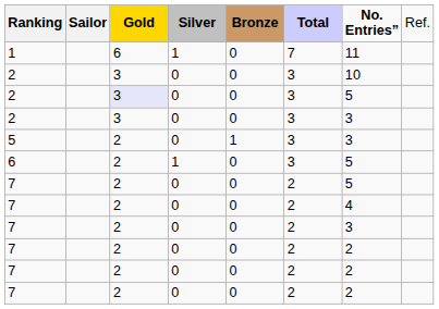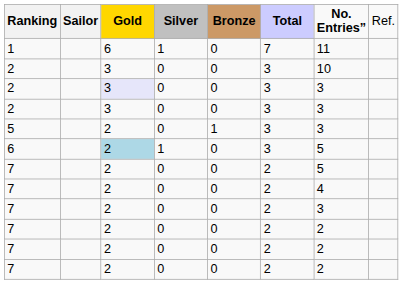 <table class="wikitable sortable">
 <tr>
 <th align=center><strong>Ranking</strong></th>
 <th align=center><strong>Sailor</strong></th>
 <td style="background:gold; width:60px; text-align:center;"><strong>Gold</strong></td>
 <td style="background:silver; width:60px; text-align:center;"><strong>Silver</strong></td>
 <td style="background:#c96; width:60px; text-align:center;"><strong>Bronze</strong></td>
 <td style="background:#ccf; width:60px; text-align:center;"><strong>Total</strong></td>
 <td style="width:60px; text-align:center;"><strong>No. Entries”</strong></td>
 <td>Ref.</td>
 </tr>
 <tr>
 <td>1</td>
 <td></td>
 <td>6</td>
 <td>1</td>
 <td>0</td>
 <td>7</td>
 <td>11</td>
 <td></td>
 </tr>
 <tr>
 <td>2</td>
 <td></td>
 <td>3</td>
 <td>0</td>
 <td>0</td>
 <td>3</td>
 <td>10</td>
 <td></td>
 </tr>
 <tr>
 <td>2</td>
 <td></td>
 <td style="background: lavender;">3</td>
 <td>0</td>
 <td>0</td>
 <td>3</td>
-<td>5</td>
+<td>3</td>
 <td></td>
 </tr>
 <tr>
 <td>2</td>
 <td></td>
 <td>3</td>
 <td>0</td>
 <td>0</td>
 <td>3</td>
 <td>3</td>
 <td></td>
 </tr>
 <tr>
 <td>5</td>
 <td></td>
 <td>2</td>
 <td>0</td>
 <td>1</td>
 <td>3</td>
 <td>3</td>
 <td></td>
 </tr>
 <tr>
 <td>6</td>
 <td></td>
-<td>2</td>
+<td style="background: lightblue;">2</td>
 <td>1</td>
 <td>0</td>
 <td>3</td>
 <td>5</td>
 <td></td>
 </tr>
 <tr>
 <td>7</td>
 <td></td>
 <td>2</td>
 <td>0</td>
 <td>0</td>
 <td>2</td>
 <td>5</td>
 <td></td>
 </tr>
 <tr>
 <td>7</td>
 <td></td>
 <td>2</td>
 <td>0</td>
 <td>0</td>
 <td>2</td>
 <td>4</td>
 <td></td>
 </tr>
 <tr>
 <td>7</td>
 <td></td>
 <td>2</td>
 <td>0</td>
 <td>0</td>
 <td>2</td>
 <td>3</td>
 <td></td>
 </tr>
 <tr>
 <td>7</td>
 <td></td>
 <td>2</td>
 <td>0</td>
 <td>0</td>
 <td>2</td>
 <td>2</td>
 <td></td>
 </tr>
 <tr>
 <td>7</td>
 <td></td>
 <td>2</td>
 <td>0</td>
 <td>0</td>
 <td>2</td>
 <td>2</td>
 <td></td>
 </tr>
 <tr>
 <td>7</td>
 <td></td>
 <td>2</td>
 <td>0</td>
 <td>0</td>
 <td>2</td>
 <td>2</td>
 <td></td>
 </tr>
 </table>
